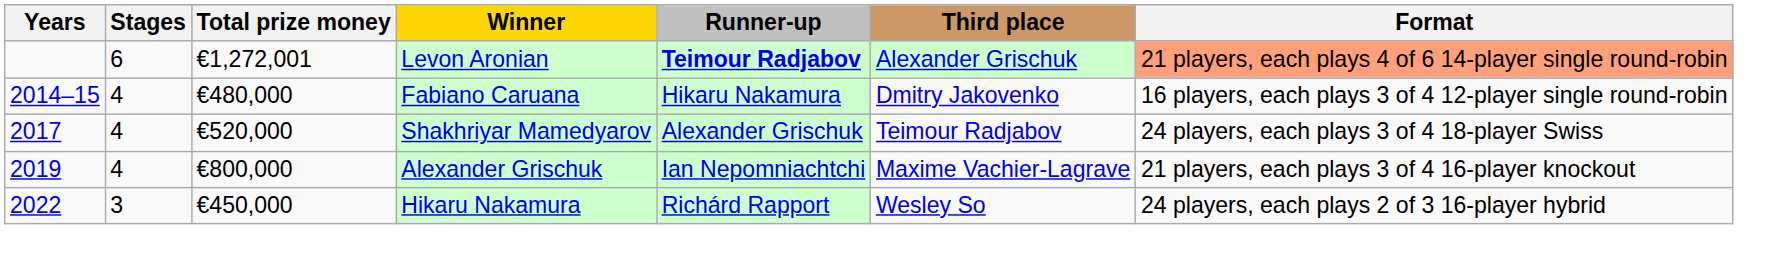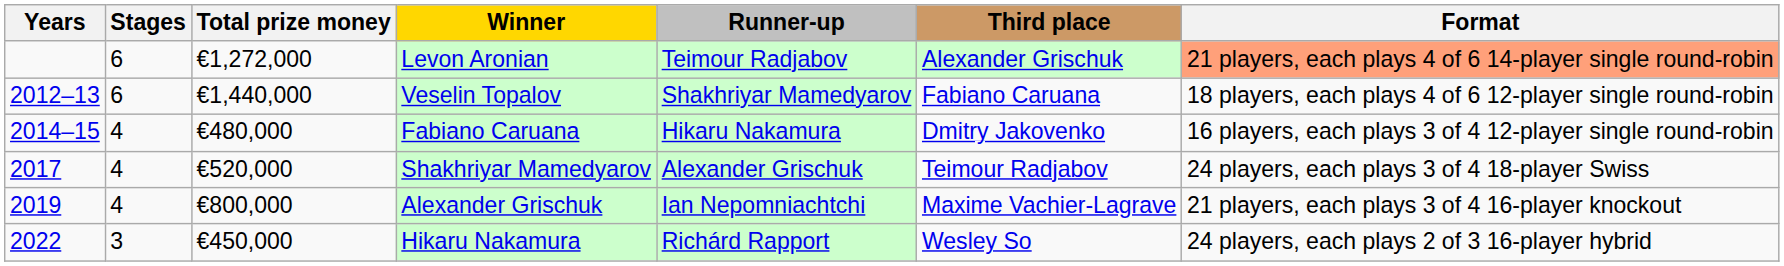 <table class="wikitable">
 <tr>
 <th>Years</th>
 <th>Stages</th>
 <th>Total prize money</th>
 <th style="background:#ffd700">Winner</th>
 <th style="background:#c0c0c0">Runner-up</th>
 <th style="background:#cc9966">Third place</th>
 <th>Format</th>
 </tr>
 <tr>
 <td><a href='#'></a></td>
 <td>6</td>
-<td>€1,272,001</td>
+<td>€1,272,000</td>
 <td style="background:#ccffcc;"> <a href='#'>Levon Aronian</a></td>
-<td style="background:#ccffcc;"><strong> <a href='#'>Teimour Radjabov</a></strong></td>
+<td style="background:#ccffcc;"> <a href='#'>Teimour Radjabov</a></td>
 <td style="background:#ccffcc;"> <a href='#'>Alexander Grischuk</a></td>
 <td style="background: lightsalmon;">21 players, each plays 4 of 6 14-player single round-robin</td>
+</tr>
+<tr>
+<td><a href='#'>2012–13</a></td>
+<td>6</td>
+<td>€1,440,000</td>
+<td style="background:#ccffcc;"> <a href='#'>Veselin Topalov</a></td>
+<td style="background:#ccffcc;"> <a href='#'>Shakhriyar Mamedyarov</a></td>
+<td> <a href='#'>Fabiano Caruana</a></td>
+<td>18 players, each plays 4 of 6 12-player single round-robin</td>
 </tr>
 <tr>
 <td><a href='#'>2014–15</a></td>
 <td>4</td>
 <td>€480,000</td>
 <td style="background:#ccffcc;"> <a href='#'>Fabiano Caruana</a></td>
 <td style="background:#ccffcc;"> <a href='#'>Hikaru Nakamura</a></td>
 <td> <a href='#'>Dmitry Jakovenko</a></td>
 <td>16 players, each plays 3 of 4 12-player single round-robin</td>
 </tr>
 <tr>
 <td><a href='#'>2017</a></td>
 <td>4</td>
 <td>€520,000</td>
 <td style="background:#ccffcc;"> <a href='#'>Shakhriyar Mamedyarov</a></td>
 <td style="background:#ccffcc;"> <a href='#'>Alexander Grischuk</a></td>
 <td> <a href='#'>Teimour Radjabov</a></td>
 <td>24 players, each plays 3 of 4 18-player Swiss</td>
 </tr>
 <tr>
 <td><a href='#'>2019</a></td>
 <td>4</td>
 <td>€800,000</td>
 <td style="background:#ccffcc;"> <a href='#'>Alexander Grischuk</a></td>
 <td style="background:#ccffcc;"> <a href='#'>Ian Nepomniachtchi</a></td>
 <td> <a href='#'>Maxime Vachier-Lagrave</a></td>
 <td>21 players, each plays 3 of 4 16-player knockout</td>
 </tr>
 <tr>
 <td><a href='#'>2022</a></td>
 <td>3</td>
 <td>€450,000</td>
 <td style="background:#ccffcc;"> <a href='#'>Hikaru Nakamura</a></td>
 <td style="background:#ccffcc;"> <a href='#'>Richárd Rapport</a></td>
 <td> <a href='#'>Wesley So</a></td>
 <td>24 players, each plays 2 of 3 16-player hybrid</td>
 </tr>
 </table>
